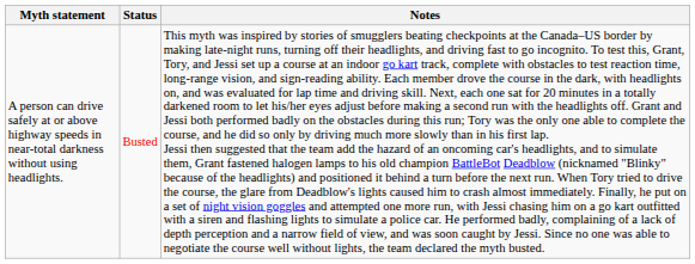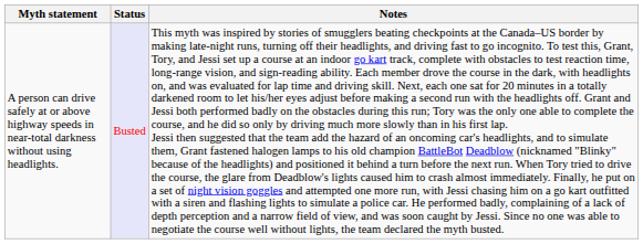 <table class="wikitable plainrowheaders">
 <tr>
 <th>Myth statement</th>
 <th>Status</th>
 <th>Notes</th>
 </tr>
 <tr>
 <td>A person can drive safely at or above highway speeds in near-total darkness without using headlights.</td>
-<td style="color:red">Busted</td>
+<td style="background: lavender; color:red">Busted</td>
 <td>This myth was inspired by stories of smugglers beating checkpoints at the Canada–US border by making late-night runs, turning off their headlights, and driving fast to go incognito. To test this, Grant, Tory, and Jessi set up a course at an indoor <a href='#'>go kart</a> track, complete with obstacles to test reaction time, long-range vision, and sign-reading ability. Each member drove the course in the dark, with headlights on, and was evaluated for lap time and driving skill. Next, each one sat for 20 minutes in a totally darkened room to let his/her eyes adjust before making a second run with the headlights off. Grant and Jessi both performed badly on the obstacles during this run; Tory was the only one able to complete the course, and he did so only by driving much more slowly than in his first lap.<br>Jessi then suggested that the team add the hazard of an oncoming car's headlights, and to simulate them, Grant fastened halogen lamps to his old champion <a href='#'>BattleBot</a> <a href='#'>Deadblow</a> (nicknamed "Blinky" because of the headlights) and positioned it behind a turn before the next run. When Tory tried to drive the course, the glare from Deadblow's lights caused him to crash almost immediately. Finally, he put on a set of <a href='#'>night vision goggles</a> and attempted one more run, with Jessi chasing him on a go kart outfitted with a siren and flashing lights to simulate a police car. He performed badly, complaining of a lack of depth perception and a narrow field of view, and was soon caught by Jessi. Since no one was able to negotiate the course well without lights, the team declared the myth busted.</td>
 </tr>
 </table>
